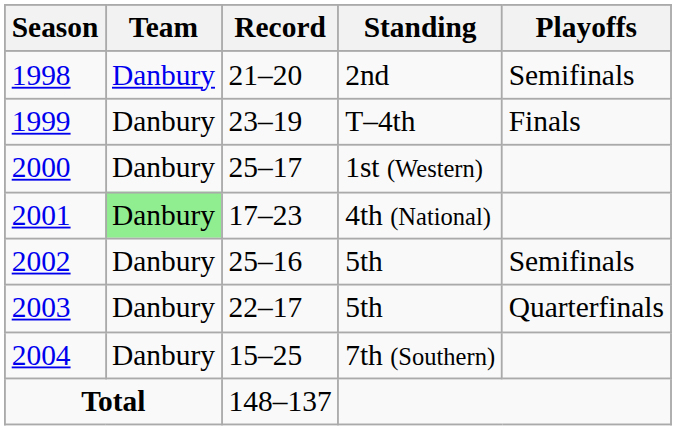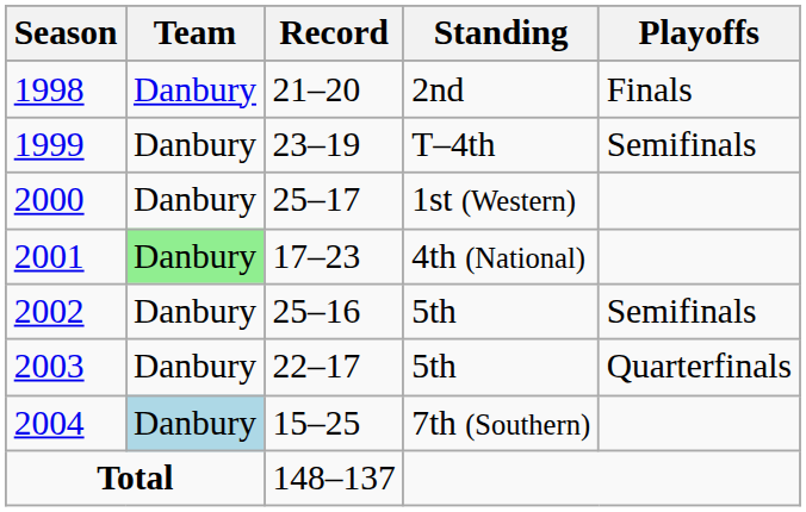 <table class="wikitable">
 <tr>
 <th>Season</th>
 <th>Team</th>
 <th>Record</th>
 <th>Standing</th>
 <th>Playoffs</th>
 </tr>
 <tr>
 <td><a href='#'>1998</a></td>
 <td><a href='#'>Danbury</a></td>
 <td>21–20</td>
 <td>2nd</td>
-<td>Semifinals</td>
+<td>Finals</td>
 </tr>
 <tr>
 <td><a href='#'>1999</a></td>
 <td>Danbury</td>
 <td>23–19</td>
 <td>T–4th</td>
-<td>Finals</td>
+<td>Semifinals</td>
 </tr>
 <tr>
 <td><a href='#'>2000</a></td>
 <td>Danbury</td>
 <td>25–17</td>
 <td>1st <small>(Western)</small></td>
 <td></td>
 </tr>
 <tr>
 <td><a href='#'>2001</a></td>
 <td style="background: lightgreen;">Danbury</td>
 <td>17–23</td>
 <td>4th <small>(National)</small></td>
 <td></td>
 </tr>
 <tr>
 <td><a href='#'>2002</a></td>
 <td>Danbury</td>
 <td>25–16</td>
 <td>5th</td>
 <td>Semifinals</td>
 </tr>
 <tr>
 <td><a href='#'>2003</a></td>
 <td>Danbury</td>
 <td>22–17</td>
 <td>5th</td>
 <td>Quarterfinals</td>
 </tr>
 <tr>
 <td><a href='#'>2004</a></td>
-<td>Danbury</td>
+<td style="background: lightblue;">Danbury</td>
 <td>15–25</td>
 <td>7th <small>(Southern)</small></td>
 <td></td>
 </tr>
 <tr>
 <td colspan="2" align="center"><strong>Total</strong></td>
 <td>148–137</td>
 <td colspan="2" align="center"></td>
 </tr>
 </table>
